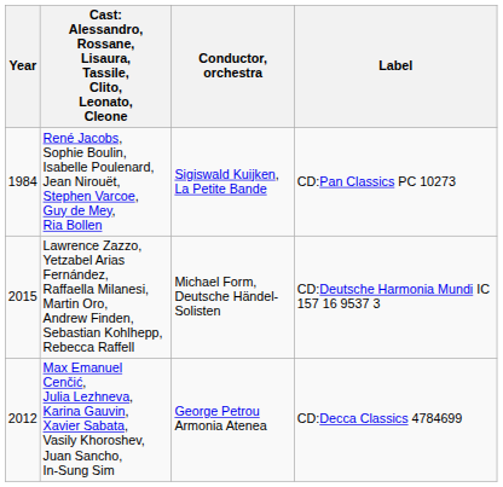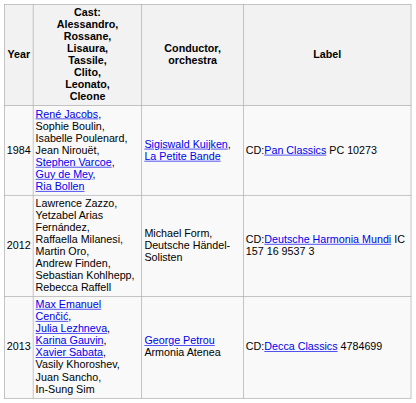 <table class="wikitable">
 <tr>
 <th>Year</th>
 <th width="155">Cast:<br>Alessandro,<br>Rossane,<br>Lisaura,<br>Tassile,<br>Clito,<br>Leonato,<br>Cleone</th>
 <th>Conductor,<br>orchestra<br></th>
 <th>Label</th>
 </tr>
 <tr>
 <td>1984</td>
 <td><a href='#'>René Jacobs</a>,<br>Sophie Boulin,<br> Isabelle Poulenard,<br> Jean Nirouët, <br><a href='#'>Stephen Varcoe</a>,<br><a href='#'>Guy de Mey</a>,<br><a href='#'>Ria Bollen</a></td>
 <td><a href='#'>Sigiswald Kuijken</a>, <br><a href='#'>La Petite Bande</a><br></td>
 <td>CD:<a href='#'>Pan Classics</a> PC 10273</td>
 </tr>
 <tr>
-<td>2015</td>
+<td>2012</td>
 <td>Lawrence Zazzo,<br>Yetzabel Arias Fernández,<br>Raffaella Milanesi,<br>Martin Oro,<br>Andrew Finden,<br>Sebastian Kohlhepp,<br>Rebecca Raffell</td>
 <td>Michael Form,<br>Deutsche Händel-Solisten<br></td>
 <td>CD:<a href='#'>Deutsche Harmonia Mundi</a> IC 157 16 9537 3</td>
 </tr>
 <tr>
-<td>2012</td>
+<td>2013</td>
 <td><a href='#'>Max Emanuel Cenčić</a>,<br><a href='#'>Julia Lezhneva</a>,<br><a href='#'>Karina Gauvin</a>,<br> <a href='#'>Xavier Sabata</a>,<br>Vasily Khoroshev,<br>Juan Sancho,<br>In-Sung Sim</td>
 <td><a href='#'>George Petrou</a> <br>Armonia Atenea</td>
 <td>CD:<a href='#'>Decca Classics</a> 4784699</td>
 </tr>
 </table>
